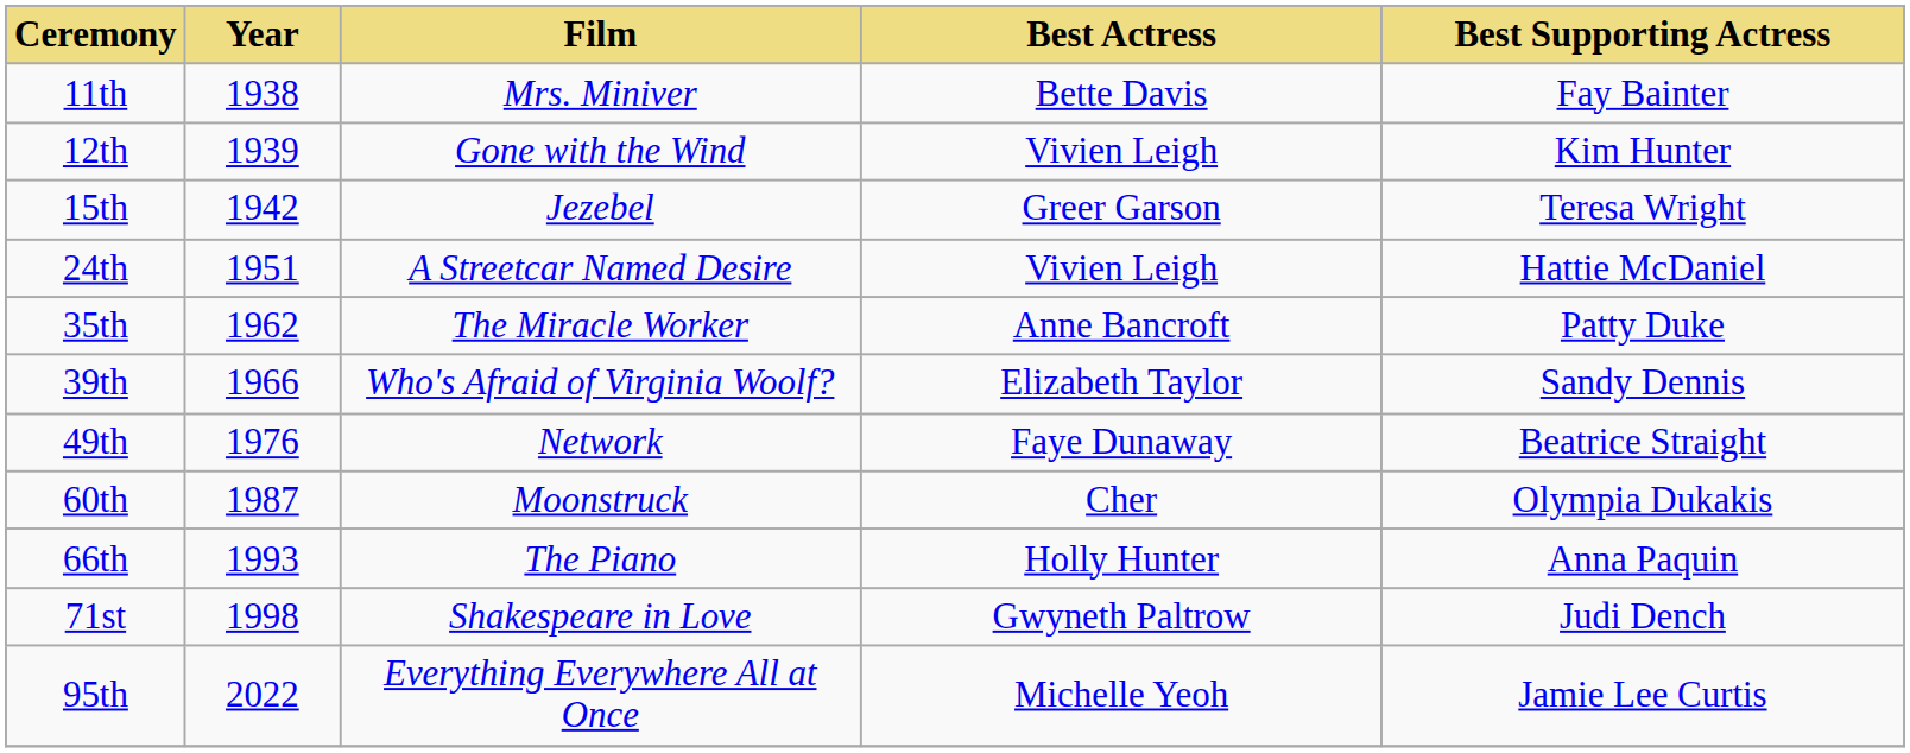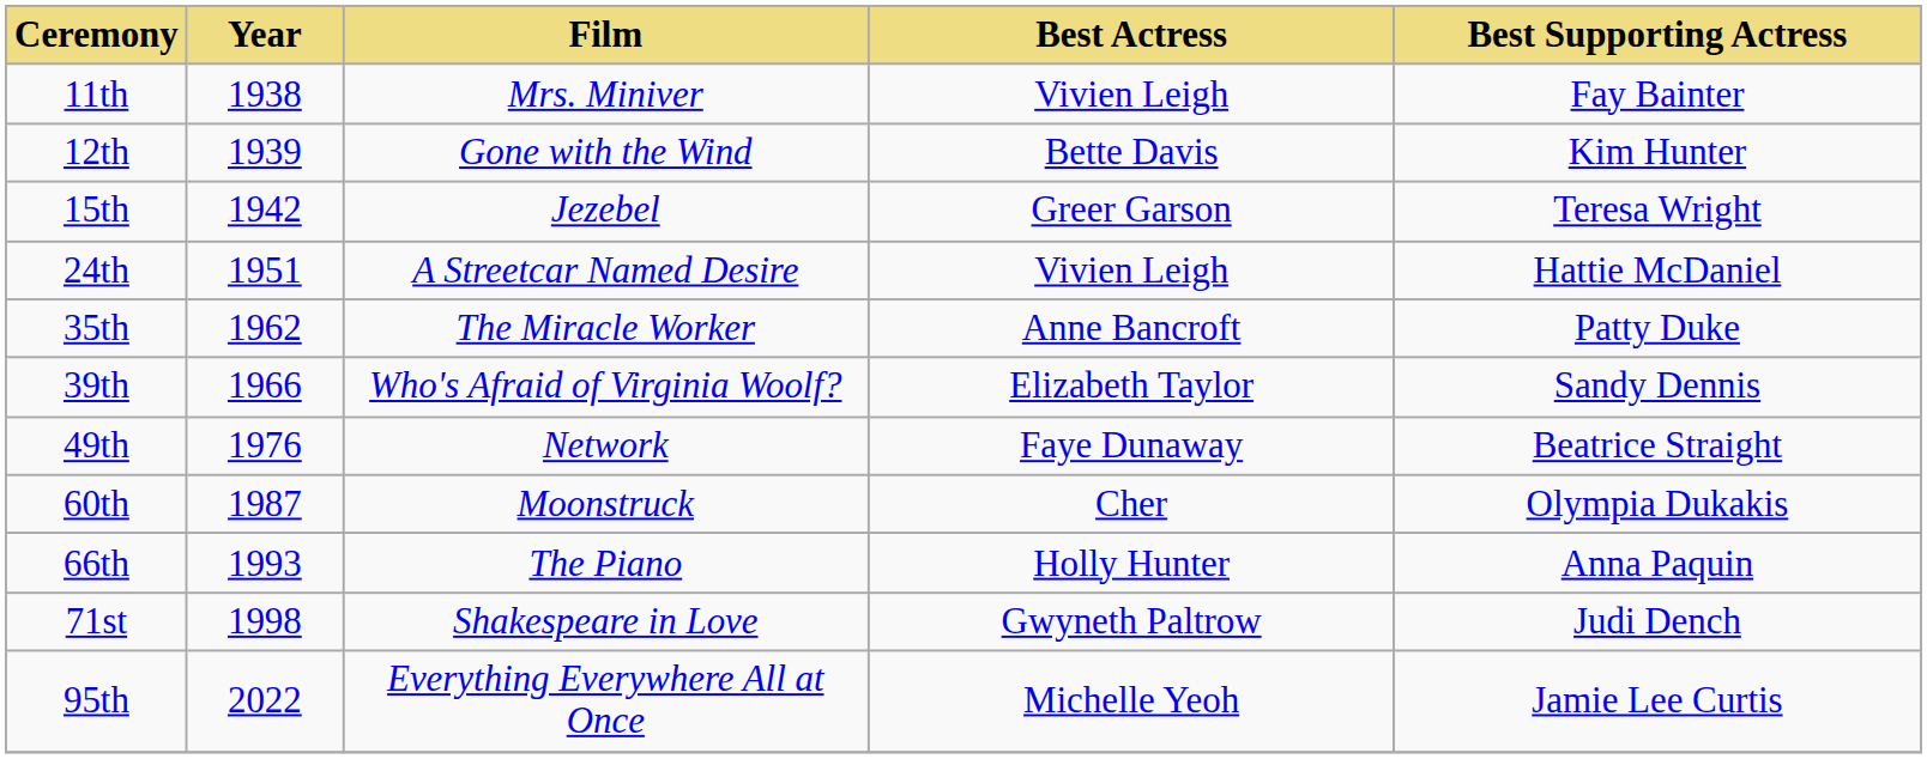 <table class="wikitable sortable" style="text-align: center">
 <tr>
 <th style="background-color:#EEDD82; width:060px;">Ceremony</th>
 <th style="background-color:#EEDD82; width:060px;">Year</th>
 <th style="background-color:#EEDD82; width:220px;">Film</th>
 <th style="background-color:#EEDD82; width:220px;">Best Actress</th>
 <th style="background-color:#EEDD82; width:220px;">Best Supporting Actress</th>
 </tr>
 <tr>
 <td><a href='#'>11th</a></td>
 <td><a href='#'>1938</a></td>
 <td><em><a href='#'>Mrs. Miniver</a></em></td>
-<td><a href='#'>Bette Davis</a></td>
+<td><a href='#'>Vivien Leigh</a></td>
 <td><a href='#'>Fay Bainter</a></td>
 </tr>
 <tr>
 <td><a href='#'>12th</a></td>
 <td><a href='#'>1939</a></td>
 <td><em><a href='#'>Gone with the Wind</a></em></td>
-<td><a href='#'>Vivien Leigh</a></td>
+<td><a href='#'>Bette Davis</a></td>
 <td><a href='#'>Kim Hunter</a></td>
 </tr>
 <tr>
 <td><a href='#'>15th</a></td>
 <td><a href='#'>1942</a></td>
 <td><em><a href='#'>Jezebel</a></em></td>
 <td><a href='#'>Greer Garson</a></td>
 <td><a href='#'>Teresa Wright</a></td>
 </tr>
 <tr>
 <td><a href='#'>24th</a></td>
 <td><a href='#'>1951</a></td>
 <td><em><a href='#'>A Streetcar Named Desire</a></em></td>
 <td><a href='#'>Vivien Leigh</a></td>
 <td><a href='#'>Hattie McDaniel</a></td>
 </tr>
 <tr>
 <td><a href='#'>35th</a></td>
 <td><a href='#'>1962</a></td>
 <td><em><a href='#'>The Miracle Worker</a></em></td>
 <td><a href='#'>Anne Bancroft</a></td>
 <td><a href='#'>Patty Duke</a></td>
 </tr>
 <tr>
 <td><a href='#'>39th</a></td>
 <td><a href='#'>1966</a></td>
 <td><em><a href='#'>Who's Afraid of Virginia Woolf?</a></em></td>
 <td><a href='#'>Elizabeth Taylor</a></td>
 <td><a href='#'>Sandy Dennis</a></td>
 </tr>
 <tr>
 <td><a href='#'>49th</a></td>
 <td><a href='#'>1976</a></td>
 <td><em><a href='#'>Network</a></em></td>
 <td><a href='#'>Faye Dunaway</a></td>
 <td><a href='#'>Beatrice Straight</a></td>
 </tr>
 <tr>
 <td><a href='#'>60th</a></td>
 <td><a href='#'>1987</a></td>
 <td><em><a href='#'>Moonstruck</a></em></td>
 <td><a href='#'>Cher</a></td>
 <td><a href='#'>Olympia Dukakis</a></td>
 </tr>
 <tr>
 <td><a href='#'>66th</a></td>
 <td><a href='#'>1993</a></td>
 <td><em><a href='#'>The Piano</a></em></td>
 <td><a href='#'>Holly Hunter</a></td>
 <td><a href='#'>Anna Paquin</a></td>
 </tr>
 <tr>
 <td><a href='#'>71st</a></td>
 <td><a href='#'>1998</a></td>
 <td><em><a href='#'>Shakespeare in Love</a></em></td>
 <td><a href='#'>Gwyneth Paltrow</a></td>
 <td><a href='#'>Judi Dench</a></td>
 </tr>
 <tr>
 <td><a href='#'>95th</a></td>
 <td><a href='#'>2022</a></td>
 <td><em><a href='#'>Everything Everywhere All at Once</a></em></td>
 <td><a href='#'>Michelle Yeoh</a></td>
 <td><a href='#'>Jamie Lee Curtis</a></td>
 </tr>
 <tr>
 </tr>
 </table>
